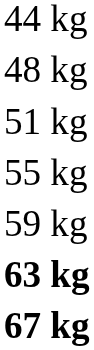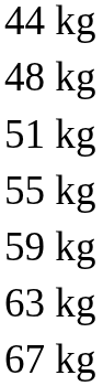 <table>
 <tr>
 <td>44 kg</td>
 <td></td>
 <td></td>
 <td></td>
 </tr>
 <tr>
 <td rowspan=2>48 kg</td>
 <td rowspan=2></td>
 <td rowspan=2></td>
 <td></td>
 </tr>
 <tr>
 <td></td>
 </tr>
 <tr>
 <td>51 kg</td>
 <td></td>
 <td></td>
 <td></td>
 </tr>
 <tr>
 <td>55 kg</td>
 <td></td>
 <td></td>
 <td></td>
 </tr>
 <tr>
 <td>59 kg</td>
 <td></td>
 <td></td>
 <td></td>
 </tr>
 <tr>
-<td><strong>63 kg</strong></td>
+<td>63 kg</td>
 <td></td>
 <td></td>
 <td></td>
 </tr>
 <tr>
-<td><strong>67 kg</strong></td>
+<td>67 kg</td>
 <td></td>
 <td></td>
 <td></td>
 </tr>
 </table>
